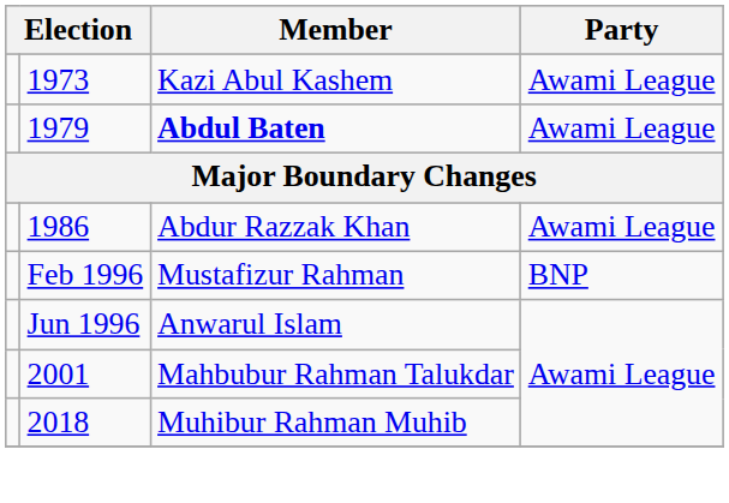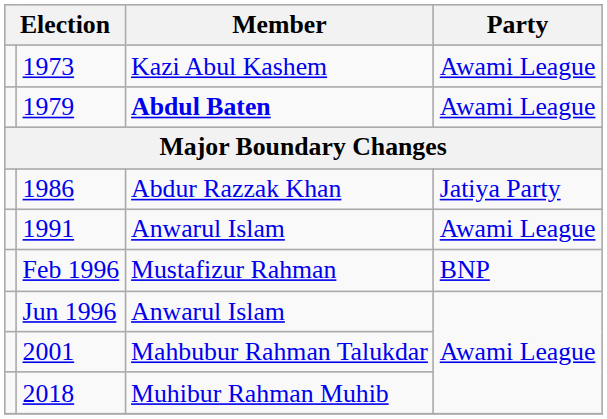 <table class="wikitable">
 <tr>
 <th colspan="2">Election</th>
 <th>Member</th>
 <th>Party</th>
 </tr>
 <tr>
 <td style="background-color:"></td>
 <td><a href='#'>1973</a></td>
 <td><a href='#'>Kazi Abul Kashem</a></td>
 <td><a href='#'>Awami League</a></td>
 </tr>
 <tr>
 <td style="background-color:"></td>
 <td><a href='#'>1979</a></td>
 <td><strong><a href='#'>Abdul Baten</a></strong></td>
 <td><a href='#'>Awami League</a></td>
 </tr>
 <tr>
 <th colspan="4">Major Boundary Changes</th>
 </tr>
 <tr>
 <td style="background-color:"></td>
 <td><a href='#'>1986</a></td>
 <td><a href='#'>Abdur Razzak Khan</a></td>
+<td><a href='#'>Jatiya Party</a></td>
+</tr>
+<tr>
+<td style="background-color:"></td>
+<td><a href='#'>1991</a></td>
+<td><a href='#'>Anwarul Islam</a></td>
 <td><a href='#'>Awami League</a></td>
 </tr>
 <tr>
 <td style="background-color:"></td>
 <td><a href='#'>Feb 1996</a></td>
 <td><a href='#'>Mustafizur Rahman</a></td>
 <td><a href='#'>BNP</a></td>
 </tr>
 <tr>
 <td style="background-color:"></td>
 <td><a href='#'>Jun 1996</a></td>
 <td><a href='#'>Anwarul Islam</a></td>
 <td rowspan="3"><a href='#'>Awami League</a></td>
 </tr>
 <tr>
 <td style="background-color:"></td>
 <td><a href='#'>2001</a></td>
 <td><a href='#'>Mahbubur Rahman Talukdar</a></td>
 </tr>
 <tr>
 <td style="background-color:"></td>
 <td><a href='#'>2018</a></td>
 <td><a href='#'>Muhibur Rahman Muhib</a></td>
 </tr>
 <tr>
 </tr>
 </table>
